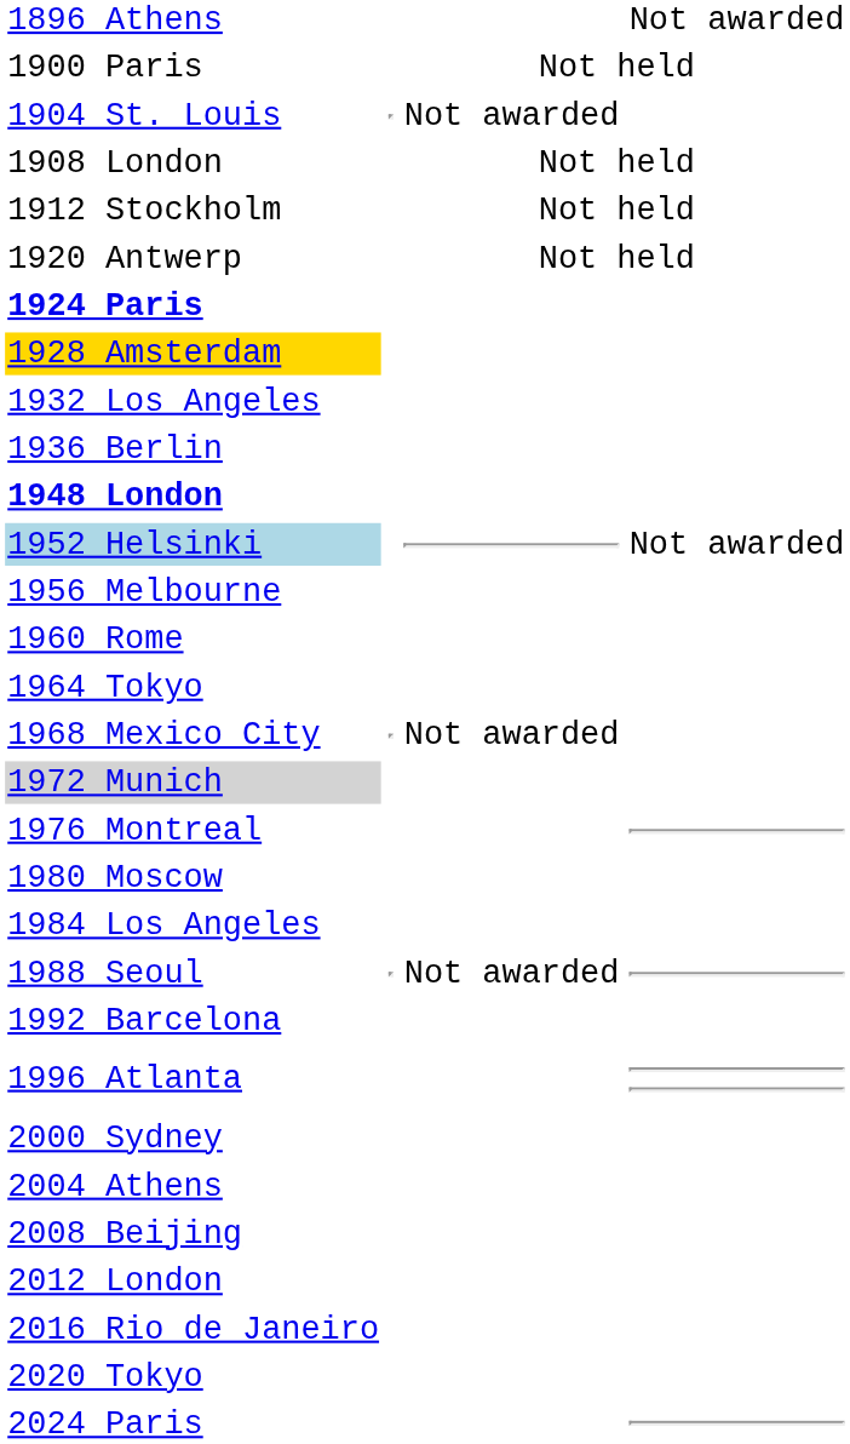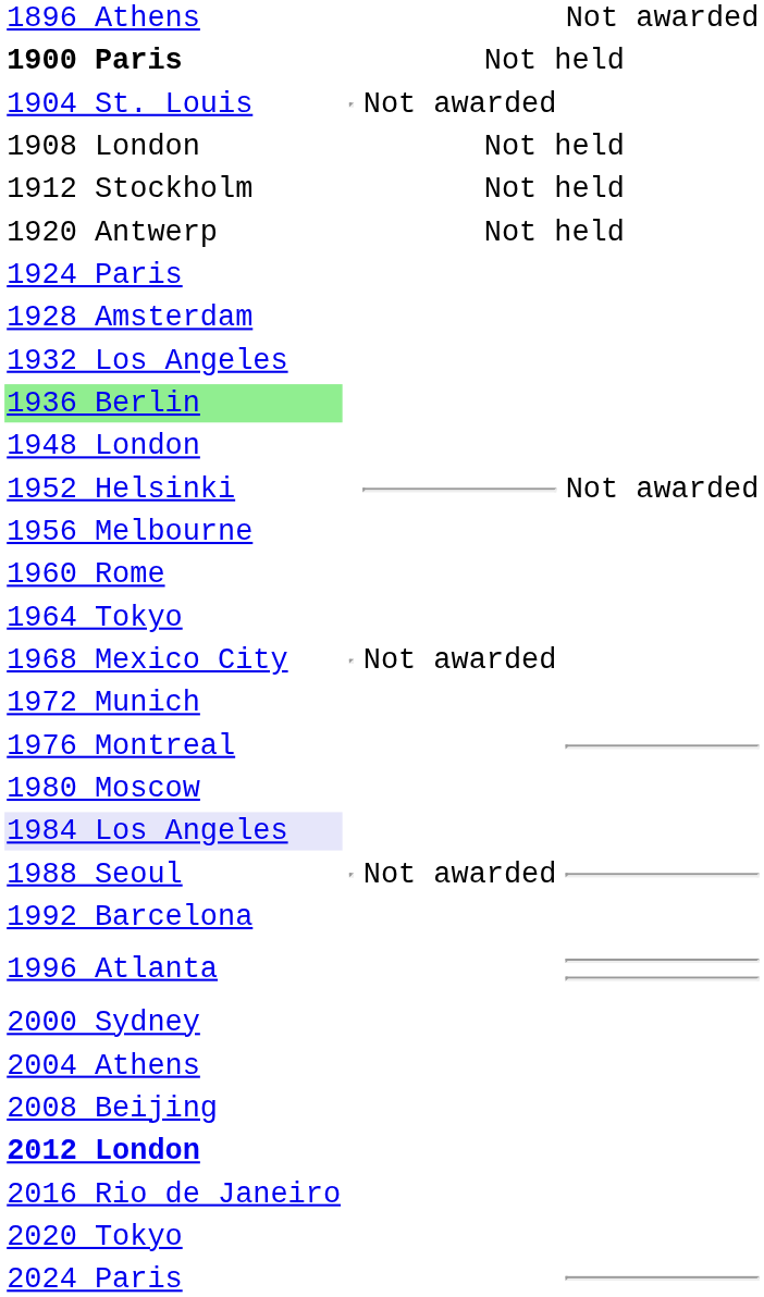 <table>
 <tr>
 <td><a href='#'>1896 Athens</a><br></td>
 <td></td>
 <td></td>
 <td>Not awarded</td>
 </tr>
 <tr>
-<td>1900 Paris</td>
+<td><strong>1900 Paris</strong></td>
 <td colspan=3 align=center>Not held</td>
 </tr>
 <tr>
 <td><a href='#'>1904 St. Louis</a><br></td>
 <td><hr></td>
 <td>Not awarded</td>
 <td></td>
 </tr>
 <tr>
 <td>1908 London</td>
 <td colspan=3 align=center>Not held</td>
 </tr>
 <tr>
 <td>1912 Stockholm</td>
 <td colspan=3 align=center>Not held</td>
 </tr>
 <tr>
 <td>1920 Antwerp</td>
 <td colspan=3 align=center>Not held</td>
 </tr>
 <tr>
-<td><strong><a href='#'>1924 Paris</a><br></strong></td>
+<td><a href='#'>1924 Paris</a><br></td>
 <td></td>
 <td></td>
 <td></td>
 </tr>
 <tr>
-<td style="background: gold;"><a href='#'>1928 Amsterdam</a><br></td>
+<td><a href='#'>1928 Amsterdam</a><br></td>
 <td></td>
 <td></td>
 <td></td>
 </tr>
 <tr>
 <td><a href='#'>1932 Los Angeles</a><br></td>
 <td></td>
 <td></td>
 <td></td>
 </tr>
 <tr>
-<td><a href='#'>1936 Berlin</a><br></td>
+<td style="background: lightgreen;"><a href='#'>1936 Berlin</a><br></td>
 <td></td>
 <td></td>
 <td></td>
 </tr>
 <tr>
-<td><strong><a href='#'>1948 London</a><br></strong></td>
+<td><a href='#'>1948 London</a><br></td>
 <td></td>
 <td></td>
 <td></td>
 </tr>
 <tr>
-<td style="background: lightblue;"><a href='#'>1952 Helsinki</a><br></td>
+<td><a href='#'>1952 Helsinki</a><br></td>
 <td></td>
 <td><hr></td>
 <td>Not awarded</td>
 </tr>
 <tr>
 <td><a href='#'>1956 Melbourne</a><br></td>
 <td></td>
 <td></td>
 <td></td>
 </tr>
 <tr>
 <td><a href='#'>1960 Rome</a><br></td>
 <td></td>
 <td></td>
 <td></td>
 </tr>
 <tr>
 <td><a href='#'>1964 Tokyo</a><br></td>
 <td></td>
 <td></td>
 <td></td>
 </tr>
 <tr>
 <td><a href='#'>1968 Mexico City</a><br></td>
 <td><hr></td>
 <td>Not awarded</td>
 <td></td>
 </tr>
 <tr>
-<td style="background: lightgrey;"><a href='#'>1972 Munich</a><br></td>
+<td><a href='#'>1972 Munich</a><br></td>
 <td></td>
 <td></td>
 <td></td>
 </tr>
 <tr>
 <td><a href='#'>1976 Montreal</a><br></td>
 <td></td>
 <td></td>
 <td><hr></td>
 </tr>
 <tr>
 <td><a href='#'>1980 Moscow</a><br></td>
 <td></td>
 <td></td>
 <td></td>
 </tr>
 <tr>
-<td><a href='#'>1984 Los Angeles</a><br></td>
+<td style="background: lavender;"><a href='#'>1984 Los Angeles</a><br></td>
 <td></td>
 <td></td>
 <td></td>
 </tr>
 <tr>
 <td><a href='#'>1988 Seoul</a><br></td>
 <td><hr></td>
 <td>Not awarded</td>
 <td><hr></td>
 </tr>
 <tr>
 <td><a href='#'>1992 Barcelona</a><br></td>
 <td></td>
 <td></td>
 <td></td>
 </tr>
 <tr>
 <td><a href='#'>1996 Atlanta</a><br></td>
 <td></td>
 <td></td>
 <td><hr><hr></td>
 </tr>
 <tr>
 <td><a href='#'>2000 Sydney</a><br></td>
 <td></td>
 <td></td>
 <td></td>
 </tr>
 <tr>
 <td><a href='#'>2004 Athens</a><br></td>
 <td></td>
 <td></td>
 <td></td>
 </tr>
 <tr>
 <td><a href='#'>2008 Beijing</a><br></td>
 <td></td>
 <td></td>
 <td></td>
 </tr>
 <tr>
-<td><a href='#'>2012 London</a><br></td>
+<td><strong><a href='#'>2012 London</a><br></strong></td>
 <td></td>
 <td></td>
 <td></td>
 </tr>
 <tr>
 <td><a href='#'>2016 Rio de Janeiro</a><br></td>
 <td></td>
 <td></td>
 <td></td>
 </tr>
 <tr>
 <td><a href='#'>2020 Tokyo</a><br></td>
 <td></td>
 <td></td>
 <td></td>
 </tr>
 <tr>
 <td><a href='#'>2024 Paris</a><br></td>
 <td></td>
 <td></td>
 <td><hr></td>
 </tr>
 </table>
